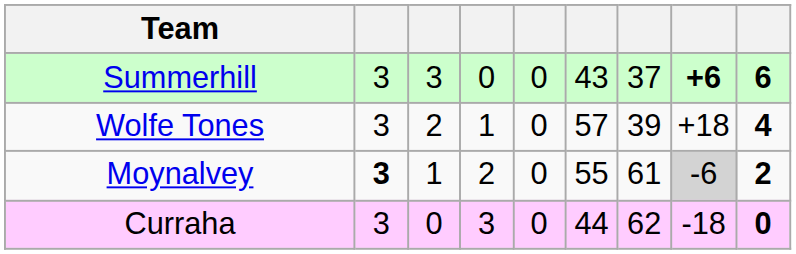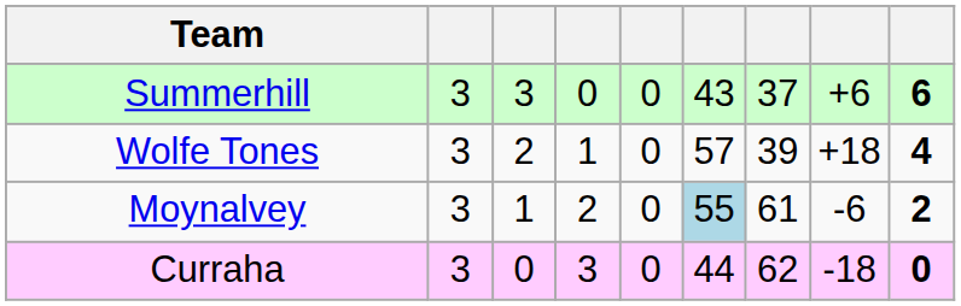 <table class="wikitable" style="text-align:center">
 <tr>
 <th style="width:175px;">Team</th>
 <th width="20"></th>
 <th width="20"></th>
 <th width="20"></th>
 <th width="20"></th>
 <th width="20"></th>
 <th width="20"></th>
 <th width="20"></th>
 <th width="20"></th>
 </tr>
 <tr style="background:#cfc;">
 <td><a href='#'>Summerhill</a></td>
 <td>3</td>
 <td>3</td>
 <td>0</td>
 <td>0</td>
 <td>43</td>
 <td>37</td>
-<td><strong>+6</strong></td>
+<td>+6</td>
 <td><strong>6</strong></td>
 </tr>
 <tr>
 <td><a href='#'>Wolfe Tones</a></td>
 <td>3</td>
 <td>2</td>
 <td>1</td>
 <td>0</td>
 <td>57</td>
 <td>39</td>
 <td>+18</td>
 <td><strong>4</strong></td>
 </tr>
 <tr>
 <td><a href='#'>Moynalvey</a></td>
-<td><strong>3</strong></td>
+<td>3</td>
 <td>1</td>
 <td>2</td>
 <td>0</td>
-<td>55</td>
+<td style="background: lightblue;">55</td>
 <td>61</td>
-<td style="background: lightgrey;">-6</td>
+<td>-6</td>
 <td><strong>2</strong></td>
 </tr>
 <tr style="background:#fcf;">
 <td>Curraha</td>
 <td>3</td>
 <td>0</td>
 <td>3</td>
 <td>0</td>
 <td>44</td>
 <td>62</td>
 <td>-18</td>
 <td><strong>0</strong></td>
 </tr>
 </table>
